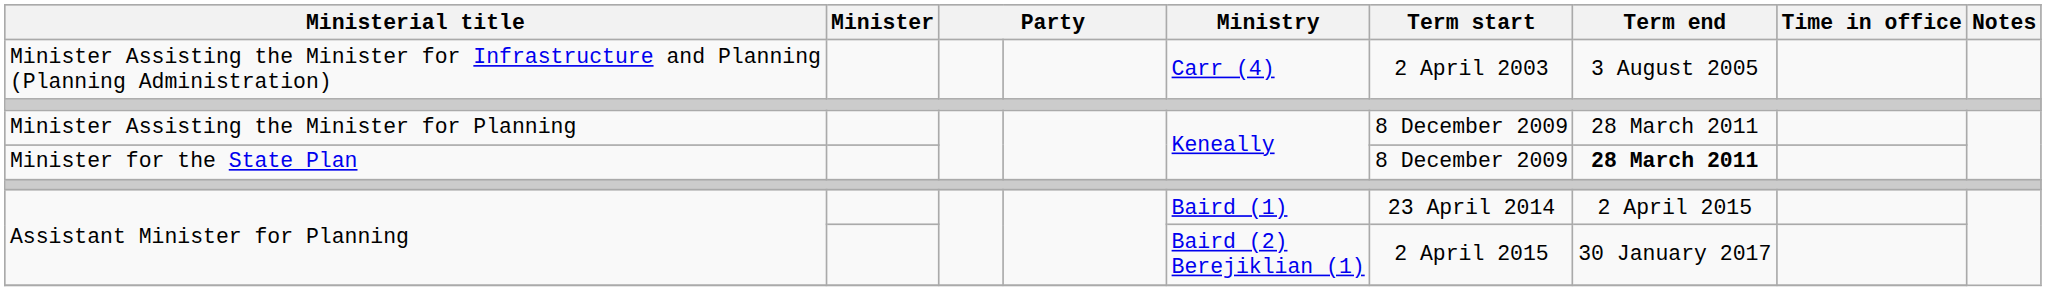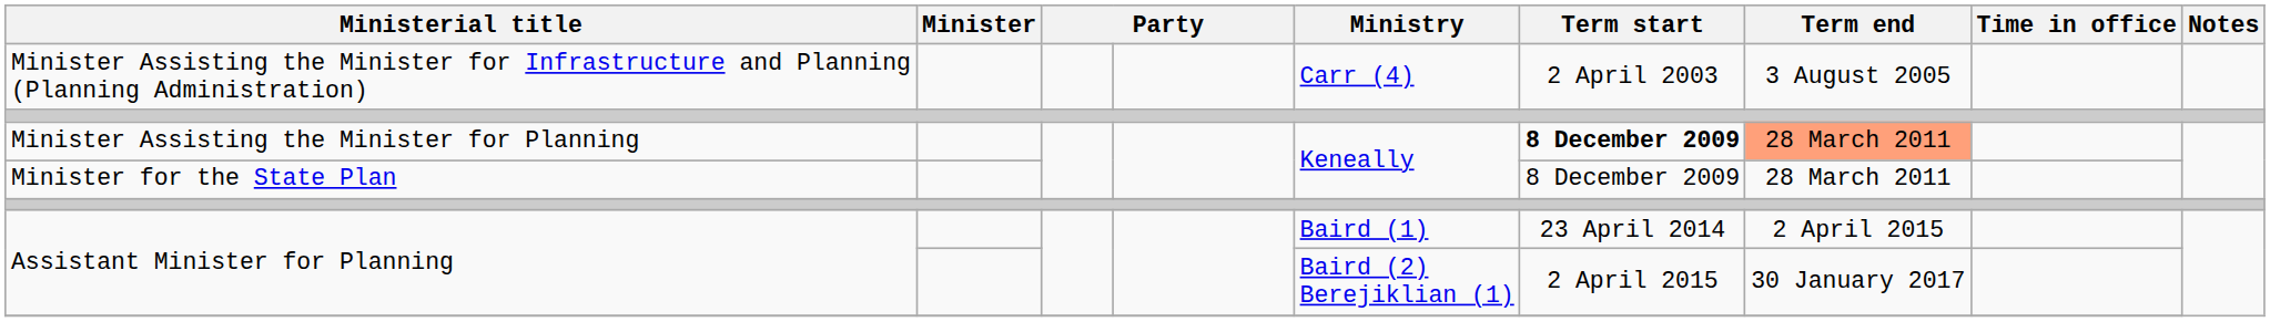 <table class="wikitable sortable">
 <tr>
 <th>Ministerial title</th>
 <th>Minister</th>
 <th colspan=2>Party</th>
 <th>Ministry</th>
 <th>Term start</th>
 <th>Term end</th>
 <th>Time in office</th>
 <th class="unsortable">Notes</th>
 </tr>
 <tr>
 <td>Minister Assisting the Minister for <a href='#'>Infrastructure</a> and Planning<br>(Planning Administration)</td>
 <td></td>
 <td> </td>
 <td width=8%></td>
 <td><a href='#'>Carr (4)</a></td>
 <td align=center>2 April 2003</td>
 <td align=center>3 August 2005</td>
 <td align=right><strong></strong></td>
 </tr>
 <tr>
 <th colspan=9 style="background: #cccccc;"></th>
 </tr>
 <tr>
 <td>Minister Assisting the Minister for Planning</td>
 <td></td>
 <td rowspan=2 > </td>
 <td rowspan=2></td>
 <td rowspan=2><a href='#'>Keneally</a></td>
-<td align=center>8 December 2009</td>
-<td align=center>28 March 2011</td>
+<td align=center><strong>8 December 2009</strong></td>
+<td align=center style="background: lightsalmon;">28 March 2011</td>
 <td align=right></td>
 </tr>
 <tr>
 <td>Minister for the <a href='#'>State Plan</a></td>
 <td></td>
 <td align=center>8 December 2009</td>
-<td align=center><strong>28 March 2011</strong></td>
+<td align=center>28 March 2011</td>
 <td align=right></td>
 </tr>
 <tr>
 <th colspan=9 style="background: #cccccc;"></th>
 </tr>
 <tr>
 <td rowspan=2>Assistant Minister for Planning</td>
 <td></td>
 <td rowspan=2 > </td>
 <td rowspan=2></td>
 <td><a href='#'>Baird (1)</a></td>
 <td align=center>23 April 2014</td>
 <td align=center>2 April 2015</td>
 <td align=right></td>
 </tr>
 <tr>
 <td></td>
 <td><a href='#'>Baird (2)</a><br><a href='#'>Berejiklian (1)</a></td>
 <td align=center>2 April 2015</td>
 <td align=center>30 January 2017</td>
 <td align=right></td>
 </tr>
 <tr>
 </tr>
 </table>
